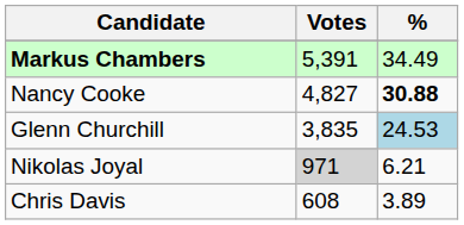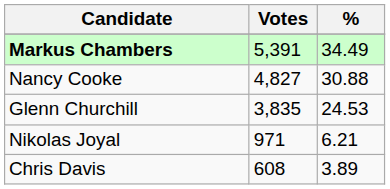 <table class="wikitable sortable">
 <tr>
 <th width="200px">Candidate</th>
 <th width="50px">Votes</th>
 <th width="50px">%</th>
 </tr>
 <tr>
 </tr>
 <tr style="text-align:left; background:#cfc;">
 <td><strong>Markus Chambers</strong></td>
 <td>5,391</td>
 <td>34.49</td>
 </tr>
 <tr>
 <td>Nancy Cooke</td>
 <td>4,827</td>
-<td><strong>30.88</strong></td>
+<td>30.88</td>
 </tr>
 <tr>
 <td>Glenn Churchill</td>
 <td>3,835</td>
-<td style="background: lightblue;">24.53</td>
+<td>24.53</td>
 </tr>
 <tr>
 <td>Nikolas Joyal</td>
-<td style="background: lightgrey;">971</td>
+<td>971</td>
 <td>6.21</td>
 </tr>
 <tr>
 <td>Chris Davis</td>
 <td>608</td>
 <td>3.89</td>
 </tr>
 </table>
